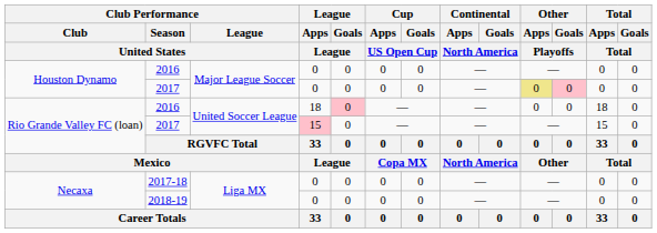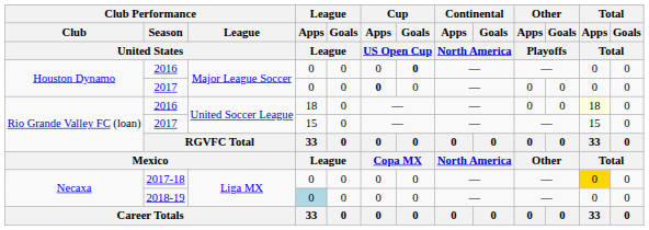 <table class="wikitable" style="text-align:center">
 <tr>
 <th colspan="3">Club Performance</th>
 <th colspan="2">League</th>
 <th colspan="2">Cup</th>
 <th colspan="2">Continental</th>
 <th colspan="2">Other</th>
 <th colspan="2">Total</th>
 </tr>
 <tr>
 <th>Club</th>
 <th>Season</th>
 <th>League</th>
 <th>Apps</th>
 <th>Goals</th>
 <th>Apps</th>
 <th>Goals</th>
 <th>Apps</th>
 <th>Goals</th>
 <th>Apps</th>
 <th>Goals</th>
 <th>Apps</th>
 <th>Goals</th>
 </tr>
 <tr>
 <th colspan="3">United States</th>
 <th colspan="2">League</th>
 <th colspan="2"><a href='#'>US Open Cup</a></th>
 <th colspan="2"><a href='#'>North America</a></th>
 <th colspan="2">Playoffs</th>
 <th colspan="2">Total</th>
 </tr>
 <tr>
 <td rowspan="2"><a href='#'>Houston Dynamo</a></td>
 <td><a href='#'>2016</a></td>
 <td rowspan="2"><a href='#'>Major League Soccer</a></td>
 <td>0</td>
 <td>0</td>
 <td>0</td>
-<td>0</td>
+<td><strong>0</strong></td>
 <td colspan="2">—</td>
 <td colspan="2">—</td>
 <td>0</td>
 <td>0</td>
 </tr>
 <tr>
 <td><a href='#'>2017</a></td>
 <td>0</td>
 <td>0</td>
+<td><strong>0</strong></td>
+<td>0</td>
+<td colspan="2">—</td>
 <td>0</td>
 <td>0</td>
-<td colspan="2">—</td>
-<td style="background: khaki;">0</td>
-<td style="background: pink;">0</td>
 <td>0</td>
 <td>0</td>
 </tr>
 <tr>
 <td rowspan="3"><a href='#'>Rio Grande Valley FC</a> (loan)</td>
 <td><a href='#'>2016</a></td>
 <td rowspan="2"><a href='#'>United Soccer League</a></td>
 <td>18</td>
-<td style="background: pink;">0</td>
+<td>0</td>
 <td colspan="2">—</td>
 <td colspan="2">—</td>
 <td>0</td>
 <td>0</td>
-<td>18</td>
+<td style="background: lightyellow;">18</td>
 <td>0</td>
 </tr>
 <tr>
 <td><a href='#'>2017</a></td>
-<td style="background: pink;">15</td>
+<td>15</td>
 <td>0</td>
 <td colspan="2">—</td>
 <td colspan="2">—</td>
 <td colspan="2">—</td>
 <td>15</td>
 <td>0</td>
 </tr>
 <tr>
 <th colspan="2">RGVFC Total</th>
 <th>33</th>
 <th>0</th>
 <th>0</th>
 <th>0</th>
 <th>0</th>
 <th>0</th>
 <th>0</th>
 <th>0</th>
 <th>33</th>
 <th>0</th>
 </tr>
 <tr>
 <th colspan="3">Mexico</th>
 <th colspan="2">League</th>
 <th colspan="2"><a href='#'>Copa MX</a></th>
 <th colspan="2"><a href='#'>North America</a></th>
 <th colspan="2">Other</th>
 <th colspan="2">Total</th>
 </tr>
 <tr>
 <td rowspan="2"><a href='#'>Necaxa</a></td>
 <td><a href='#'>2017-18</a></td>
 <td rowspan="2"><a href='#'>Liga MX</a></td>
 <td>0</td>
 <td>0</td>
 <td>0</td>
 <td>0</td>
 <td colspan="2">—</td>
 <td colspan="2">—</td>
-<td>0</td>
+<td style="background: gold;">0</td>
 <td>0</td>
 </tr>
 <tr>
 <td><a href='#'>2018-19</a></td>
-<td>0</td>
+<td style="background: lightblue;">0</td>
 <td>0</td>
 <td>0</td>
 <td>0</td>
 <td colspan="2">—</td>
 <td colspan="2">—</td>
 <td>0</td>
 <td>0</td>
 </tr>
 <tr>
 <th colspan="3">Career Totals</th>
 <th>33</th>
 <th>0</th>
 <th>0</th>
 <th>0</th>
 <th>0</th>
 <th>0</th>
 <th>0</th>
 <th>0</th>
 <th>33</th>
 <th>0</th>
 </tr>
 </table>
